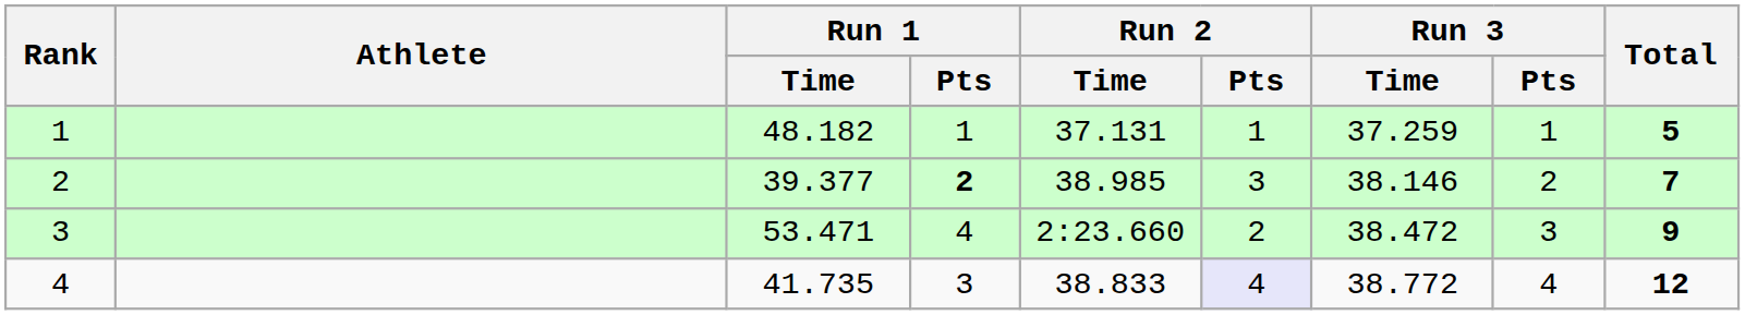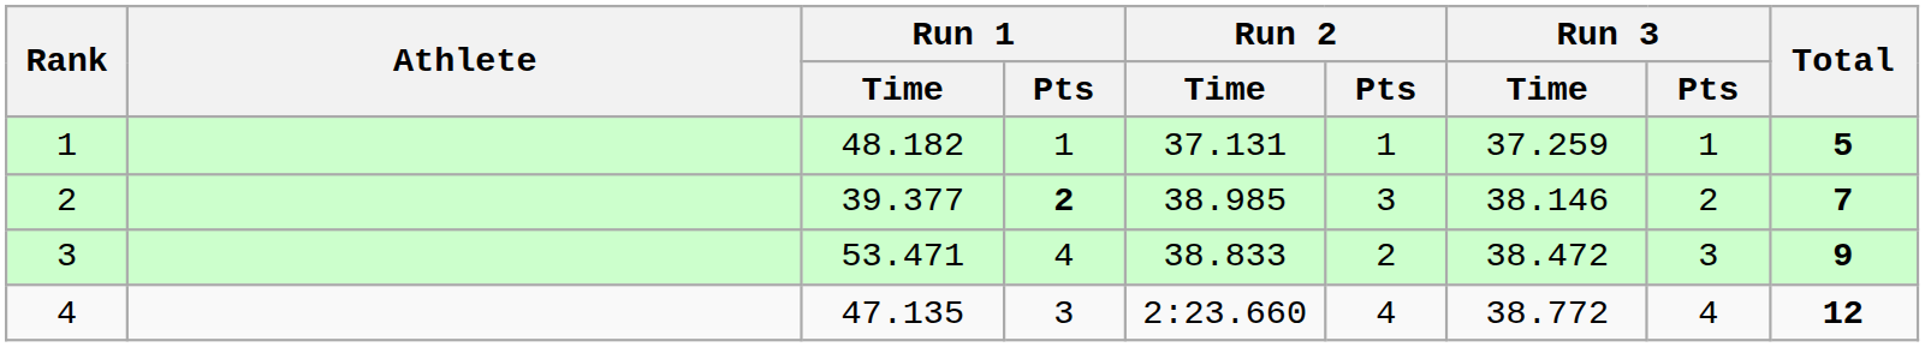 <table class=wikitable style="text-align:center">
 <tr>
 <th rowspan="2" width=40>Rank</th>
 <th rowspan="2" width=250>Athlete</th>
 <th colspan="2">Run 1</th>
 <th colspan="2">Run 2</th>
 <th colspan="2">Run 3</th>
 <th rowspan="2" width=50>Total</th>
 </tr>
 <tr>
 <th width=70>Time</th>
 <th width=40>Pts</th>
 <th width=70>Time</th>
 <th width=40>Pts</th>
 <th width=70>Time</th>
 <th width=40>Pts</th>
 </tr>
 <tr bgcolor="ccffcc">
 <td>1</td>
 <td align=left></td>
 <td>48.182</td>
 <td>1</td>
 <td>37.131</td>
 <td>1</td>
 <td>37.259</td>
 <td>1</td>
 <td><strong>5</strong></td>
 </tr>
 <tr bgcolor="ccffcc">
 <td>2</td>
 <td align=left></td>
 <td>39.377</td>
 <td><strong>2</strong></td>
 <td>38.985</td>
 <td>3</td>
 <td>38.146</td>
 <td>2</td>
 <td><strong>7</strong></td>
 </tr>
 <tr bgcolor="ccffcc">
 <td>3</td>
 <td align=left></td>
 <td>53.471</td>
 <td>4</td>
-<td>2:23.660</td>
+<td>38.833</td>
 <td>2</td>
 <td>38.472</td>
 <td>3</td>
 <td><strong>9</strong></td>
 </tr>
 <tr>
 <td>4</td>
 <td align=left></td>
-<td>41.735</td>
+<td>47.135</td>
 <td>3</td>
-<td>38.833</td>
-<td style="background: lavender;">4</td>
+<td>2:23.660</td>
+<td>4</td>
 <td>38.772</td>
 <td>4</td>
 <td><strong>12</strong></td>
 </tr>
 </table>
